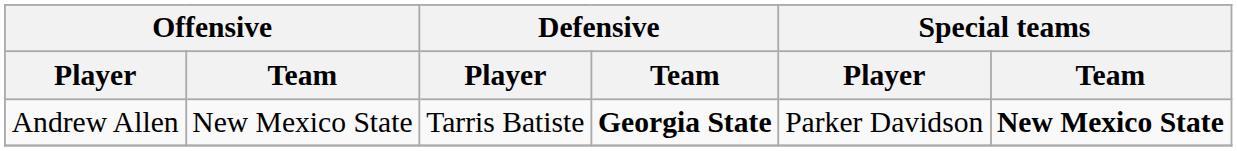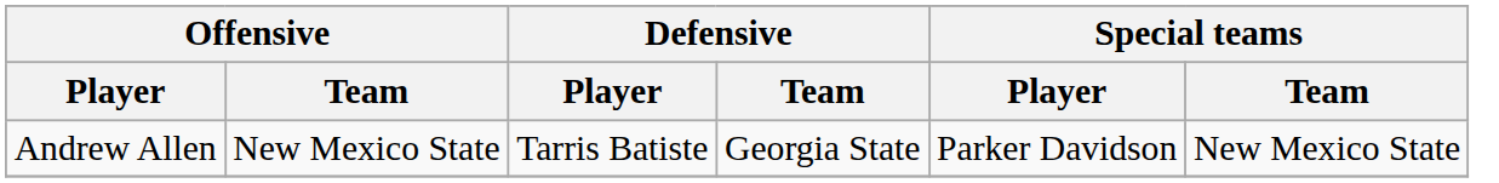 <table class="wikitable">
 <tr>
 <th colspan="2">Offensive</th>
 <th colspan="2">Defensive</th>
 <th colspan="2">Special teams</th>
 </tr>
 <tr>
 <th>Player</th>
 <th>Team</th>
 <th>Player</th>
 <th>Team</th>
 <th>Player</th>
 <th>Team</th>
 </tr>
 <tr>
 <td>Andrew Allen</td>
 <td>New Mexico State</td>
 <td>Tarris Batiste</td>
-<td><strong>Georgia State</strong></td>
+<td>Georgia State</td>
 <td>Parker Davidson</td>
-<td><strong>New Mexico State</strong></td>
+<td>New Mexico State</td>
 </tr>
 <tr>
 </tr>
 </table>
